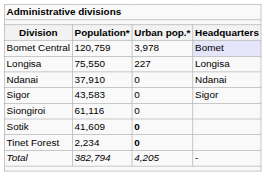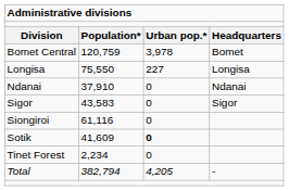 <table class="wikitable">
 <tr>
 <td colspan="4"><strong>Administrative divisions</strong></td>
 </tr>
 <tr>
 <td colspan="4"></td>
 </tr>
 <tr>
 <th>Division</th>
 <th>Population*</th>
 <th>Urban pop.*</th>
 <th>Headquarters</th>
 </tr>
 <tr>
 <td>Bomet Central</td>
 <td>120,759</td>
 <td>3,978</td>
-<td style="background: lavender;">Bomet</td>
+<td>Bomet</td>
 </tr>
 <tr>
 <td>Longisa</td>
 <td>75,550</td>
 <td>227</td>
 <td>Longisa</td>
 </tr>
 <tr>
 <td>Ndanai</td>
 <td>37,910</td>
 <td>0</td>
 <td>Ndanai</td>
 </tr>
 <tr>
 <td>Sigor</td>
 <td>43,583</td>
 <td>0</td>
 <td>Sigor</td>
 </tr>
 <tr>
 <td>Siongiroi</td>
 <td>61,116</td>
 <td>0</td>
 <td></td>
 </tr>
 <tr>
 <td>Sotik</td>
 <td>41,609</td>
 <td><strong>0</strong></td>
 <td></td>
 </tr>
 <tr>
 <td>Tinet Forest</td>
 <td>2,234</td>
-<td><strong>0</strong></td>
+<td>0</td>
 <td></td>
 </tr>
 <tr>
 <td><em>Total</em></td>
 <td><em>382,794</em></td>
 <td><em>4,205</em></td>
 <td>-</td>
 </tr>
 <tr>
 <td colspan="4"></td>
 </tr>
 </table>
